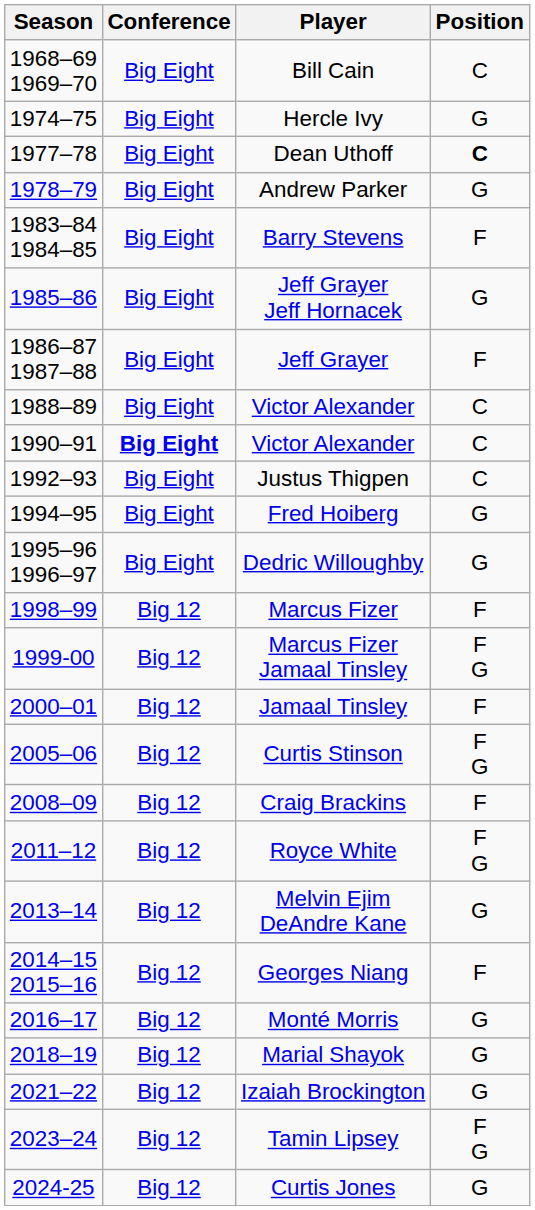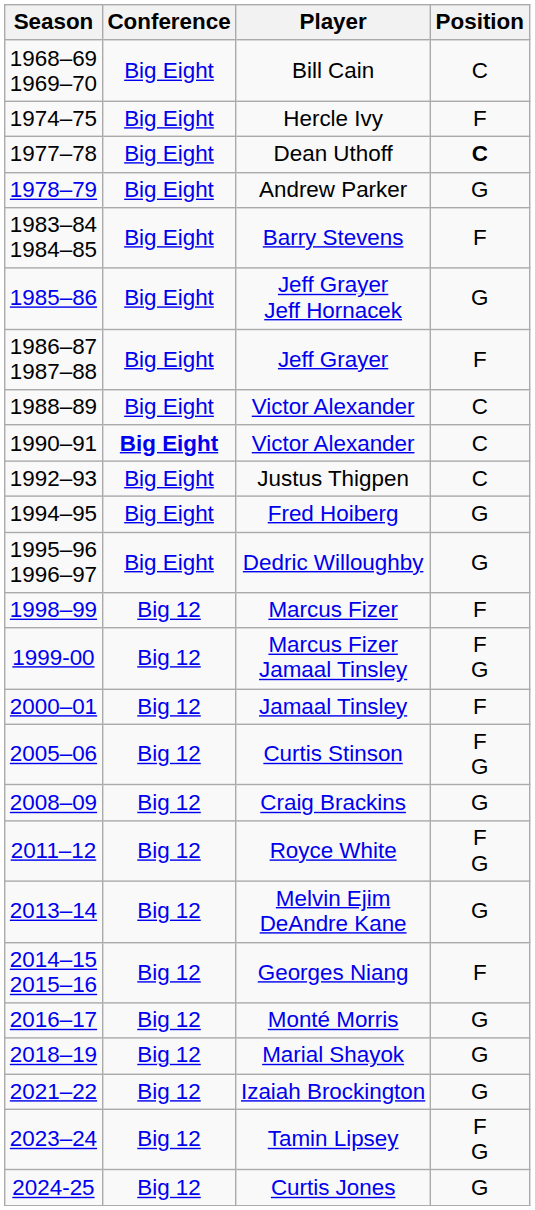 <table class="wikitable" style="text-align: center">
 <tr align=center>
 <th>Season</th>
 <th>Conference</th>
 <th>Player</th>
 <th>Position</th>
 </tr>
 <tr>
 <td>1968–69<br>1969–70</td>
 <td><a href='#'>Big Eight</a></td>
 <td>Bill Cain</td>
 <td>C</td>
 </tr>
 <tr>
 <td>1974–75</td>
 <td><a href='#'>Big Eight</a></td>
 <td>Hercle Ivy</td>
-<td>G</td>
+<td>F</td>
 </tr>
 <tr>
 <td>1977–78</td>
 <td><a href='#'>Big Eight</a></td>
 <td>Dean Uthoff</td>
 <td><strong>C</strong></td>
 </tr>
 <tr>
 <td><a href='#'>1978–79</a></td>
 <td><a href='#'>Big Eight</a></td>
 <td>Andrew Parker</td>
 <td>G</td>
 </tr>
 <tr>
 <td>1983–84<br>1984–85</td>
 <td><a href='#'>Big Eight</a></td>
 <td><a href='#'>Barry Stevens</a></td>
 <td>F</td>
 </tr>
 <tr>
 <td><a href='#'>1985–86</a></td>
 <td><a href='#'>Big Eight</a></td>
 <td><a href='#'>Jeff Grayer</a><br><a href='#'>Jeff Hornacek</a></td>
 <td>G</td>
 </tr>
 <tr>
 <td>1986–87<br>1987–88</td>
 <td><a href='#'>Big Eight</a></td>
 <td><a href='#'>Jeff Grayer</a></td>
 <td>F</td>
 </tr>
 <tr>
 <td>1988–89</td>
 <td><a href='#'>Big Eight</a></td>
 <td><a href='#'>Victor Alexander</a></td>
 <td>C</td>
 </tr>
 <tr>
 <td>1990–91</td>
 <td><strong><a href='#'>Big Eight</a></strong></td>
 <td><a href='#'>Victor Alexander</a></td>
 <td>C</td>
 </tr>
 <tr>
 <td>1992–93</td>
 <td><a href='#'>Big Eight</a></td>
 <td>Justus Thigpen</td>
 <td>C</td>
 </tr>
 <tr>
 <td>1994–95</td>
 <td><a href='#'>Big Eight</a></td>
 <td><a href='#'>Fred Hoiberg</a></td>
 <td>G</td>
 </tr>
 <tr>
 <td>1995–96<br>1996–97</td>
 <td><a href='#'>Big Eight</a></td>
 <td><a href='#'>Dedric Willoughby</a></td>
 <td>G</td>
 </tr>
 <tr>
 <td><a href='#'>1998–99</a></td>
 <td><a href='#'>Big 12</a></td>
 <td><a href='#'>Marcus Fizer</a></td>
 <td>F</td>
 </tr>
 <tr>
 <td><a href='#'>1999-00</a></td>
 <td><a href='#'>Big 12</a></td>
 <td><a href='#'>Marcus Fizer</a><br><a href='#'>Jamaal Tinsley</a></td>
 <td>F<br>G</td>
 </tr>
 <tr>
 <td><a href='#'>2000–01</a></td>
 <td><a href='#'>Big 12</a></td>
 <td><a href='#'>Jamaal Tinsley</a></td>
 <td>F</td>
 </tr>
 <tr>
 <td><a href='#'>2005–06</a></td>
 <td><a href='#'>Big 12</a></td>
 <td><a href='#'>Curtis Stinson</a></td>
 <td>F<br>G</td>
 </tr>
 <tr>
 <td><a href='#'>2008–09</a></td>
 <td><a href='#'>Big 12</a></td>
 <td><a href='#'>Craig Brackins</a></td>
-<td>F</td>
+<td>G</td>
 </tr>
 <tr>
 <td><a href='#'>2011–12</a></td>
 <td><a href='#'>Big 12</a></td>
 <td><a href='#'>Royce White</a></td>
 <td>F<br>G</td>
 </tr>
 <tr>
 <td><a href='#'>2013–14</a></td>
 <td><a href='#'>Big 12</a></td>
 <td><a href='#'>Melvin Ejim</a><br><a href='#'>DeAndre Kane</a></td>
 <td>G</td>
 </tr>
 <tr>
 <td><a href='#'>2014–15</a><br><a href='#'>2015–16</a></td>
 <td><a href='#'>Big 12</a></td>
 <td><a href='#'>Georges Niang</a></td>
 <td>F</td>
 </tr>
 <tr>
 <td><a href='#'>2016–17</a></td>
 <td><a href='#'>Big 12</a></td>
 <td><a href='#'>Monté Morris</a></td>
 <td>G</td>
 </tr>
 <tr>
 <td><a href='#'>2018–19</a></td>
 <td><a href='#'>Big 12</a></td>
 <td><a href='#'>Marial Shayok</a></td>
 <td>G</td>
 </tr>
 <tr>
 <td><a href='#'>2021–22</a></td>
 <td><a href='#'>Big 12</a></td>
 <td><a href='#'>Izaiah Brockington</a></td>
 <td>G</td>
 </tr>
 <tr>
 <td><a href='#'>2023–24</a></td>
 <td><a href='#'>Big 12</a></td>
 <td><a href='#'>Tamin Lipsey</a></td>
 <td>F<br>G</td>
 </tr>
 <tr>
 <td><a href='#'>2024-25</a></td>
 <td><a href='#'>Big 12</a></td>
 <td><a href='#'>Curtis Jones</a></td>
 <td>G</td>
 </tr>
 <tr>
 </tr>
 </table>
